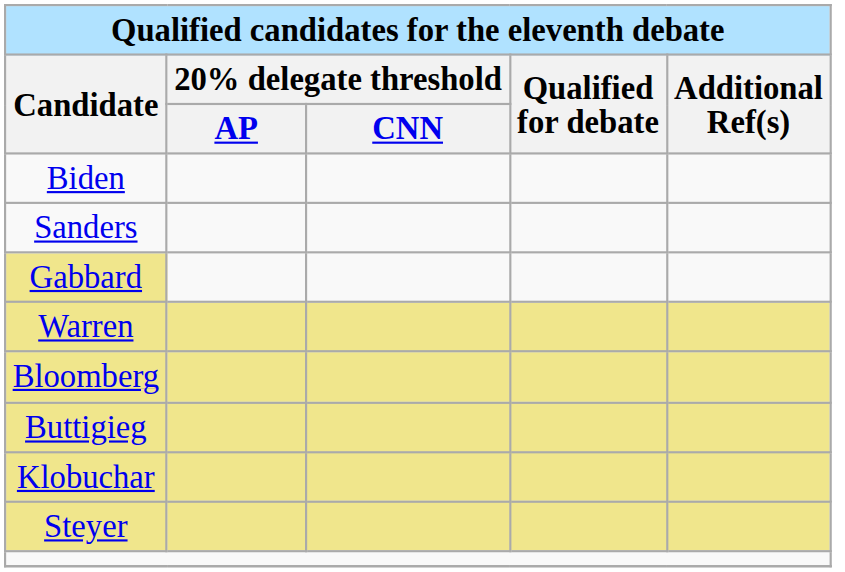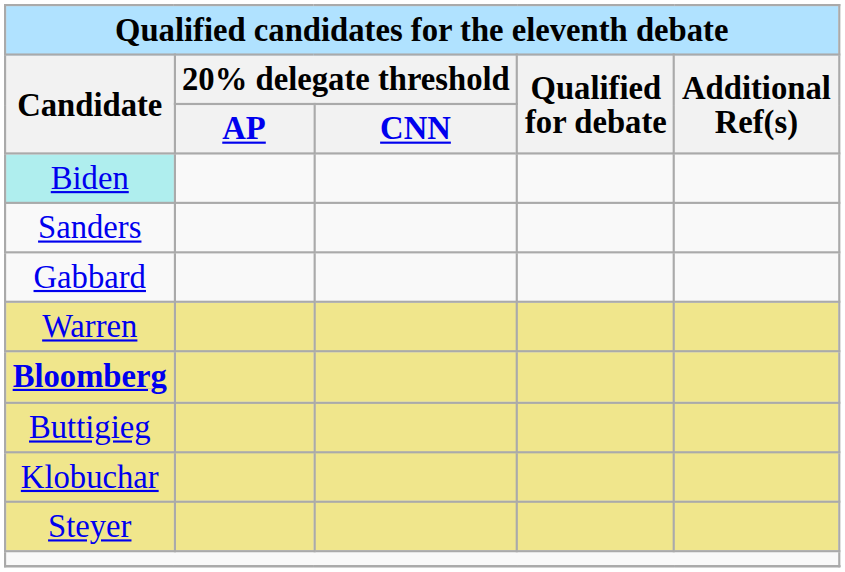 <table class="wikitable collapsible collapsed" style="text-align:center;font-size:95%;line-height:16px;">
 <tr>
 <td colspan="7" style="color:black; vertical-align:top; text-align:center; background-color:#B0E2FF;" class="table-no"><strong>Qualified candidates for the eleventh debate</strong></td>
 </tr>
 <tr>
 <th rowspan=2>Candidate</th>
 <th colspan=2>20% delegate threshold</th>
 <th rowspan=2>Qualified<br>for debate</th>
 <th rowspan=2 class="unsortable">Additional<br>Ref(s)</th>
 </tr>
 <tr>
 <th><a href='#'>AP</a></th>
 <th><a href='#'>CNN</a></th>
 </tr>
 <tr>
-<td><a href='#'>Biden</a></td>
+<td style="background: paleturquoise;"><a href='#'>Biden</a></td>
 <td><br></td>
 <td><br></td>
 <td></td>
 <td></td>
 </tr>
 <tr>
 <td><a href='#'>Sanders</a></td>
 <td><br></td>
 <td><br></td>
 <td></td>
 <td></td>
 </tr>
 <tr>
-<td style="background: khaki;"><a href='#'>Gabbard</a></td>
+<td><a href='#'>Gabbard</a></td>
 <td><br></td>
 <td><br></td>
 <td></td>
 <td></td>
 </tr>
 <tr style="background:#f0e68c;">
 <td><a href='#'>Warren</a></td>
 <td><br></td>
 <td><br></td>
 <td></td>
 <td></td>
 </tr>
 <tr style="background:#f0e68c;">
-<td><a href='#'>Bloomberg</a></td>
+<td><strong><a href='#'>Bloomberg</a></strong></td>
 <td><br></td>
 <td><br></td>
 <td></td>
 <td></td>
 </tr>
 <tr style="background:#f0e68c;">
 <td><a href='#'>Buttigieg</a></td>
 <td><br></td>
 <td><br></td>
 <td></td>
 <td></td>
 </tr>
 <tr style="background:#f0e68c;">
 <td><a href='#'>Klobuchar</a></td>
 <td><br></td>
 <td><br></td>
 <td></td>
 <td></td>
 </tr>
 <tr style="background:#f0e68c;">
 <td><a href='#'>Steyer</a></td>
 <td><br></td>
 <td><br></td>
 <td></td>
 <td></td>
 </tr>
 <tr>
 <td colspan=6 class="table-no" style="text-align:left;"></td>
 </tr>
 <tr>
 </tr>
 </table>
